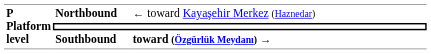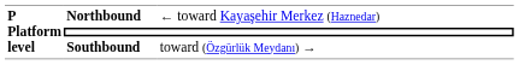 <table table border=0 cellspacing=0 cellpadding=3>
 <tr>
 <td style="border-top:solid 1px gray;border-bottom:solid 1px gray;" width=50 rowspan=3 valign=top><strong>P<br>Platform level</strong></td>
 <td style="border-top:solid 1px gray;" width=100><strong>Northbound</strong></td>
 <td style="border-top:solid 1px gray;" width=400>←  toward <a href='#'>Kayaşehir Merkez</a> <small>(<a href='#'>Haznedar</a>)</small></td>
 </tr>
 <tr>
 <td style="border-top:solid 2px black;border-right:solid 2px black;border-left:solid 2px black;border-bottom:solid 2px black;text-align:center;" colspan=2></td>
 </tr>
 <tr>
 <td style="border-bottom:solid 1px gray;"><strong>Southbound</strong></td>
-<td style="border-bottom:solid 1px gray;"><strong> toward  <small>(<a href='#'>Özgürlük Meydanı</a>)</small> →</strong></td>
+<td style="border-bottom:solid 1px gray;"> toward  <small>(<a href='#'>Özgürlük Meydanı</a>)</small> →</td>
 </tr>
 </table>
